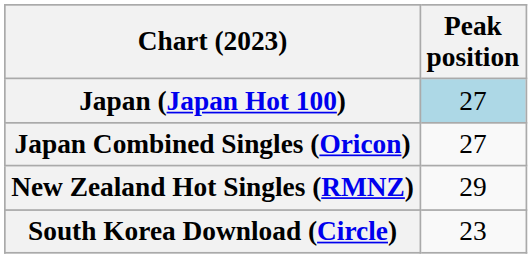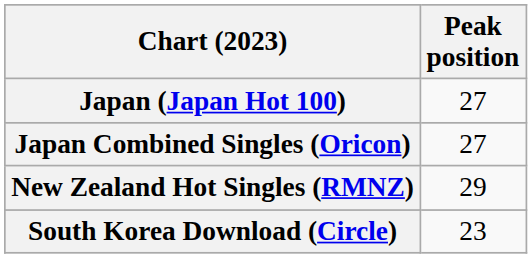 <table class="wikitable sortable plainrowheaders" style="text-align:center">
 <tr>
 <th scope="col">Chart (2023)</th>
 <th scope="col">Peak<br>position</th>
 </tr>
 <tr>
 <th scope="row">Japan (<a href='#'>Japan Hot 100</a>)</th>
-<td style="background: lightblue;">27</td>
+<td>27</td>
 </tr>
 <tr>
 <th scope="row">Japan Combined Singles (<a href='#'>Oricon</a>)</th>
 <td>27</td>
 </tr>
 <tr>
 <th scope="row">New Zealand Hot Singles (<a href='#'>RMNZ</a>)</th>
 <td>29</td>
 </tr>
 <tr>
 <th scope="row">South Korea Download (<a href='#'>Circle</a>)<br></th>
 <td>23</td>
 </tr>
 </table>
